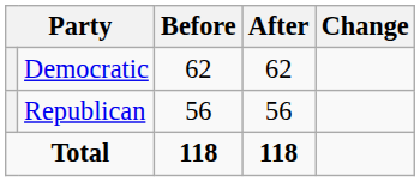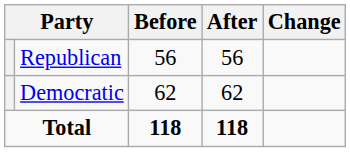 <table class="wikitable" style="text-align:center;">
 <tr>
 <th colspan="2">Party</th>
 <th>Before</th>
 <th>After</th>
 <th>Change</th>
 </tr>
 <tr>
 <th style="background-color:"></th>
-<td style="text-align:left;"><a href='#'>Democratic</a></td>
-<td>62</td>
-<td>62</td>
+<td style="text-align:left;"><a href='#'>Republican</a></td>
+<td>56</td>
+<td>56</td>
 <td></td>
 </tr>
 <tr>
 <th style="background-color:"></th>
-<td style="text-align:left;"><a href='#'>Republican</a></td>
-<td>56</td>
-<td>56</td>
+<td style="text-align:left;"><a href='#'>Democratic</a></td>
+<td>62</td>
+<td>62</td>
 <td></td>
 </tr>
 <tr>
 <td colspan="2"><strong>Total</strong></td>
 <td><strong>118</strong></td>
 <td><strong>118</strong></td>
 <td></td>
 </tr>
 </table>
